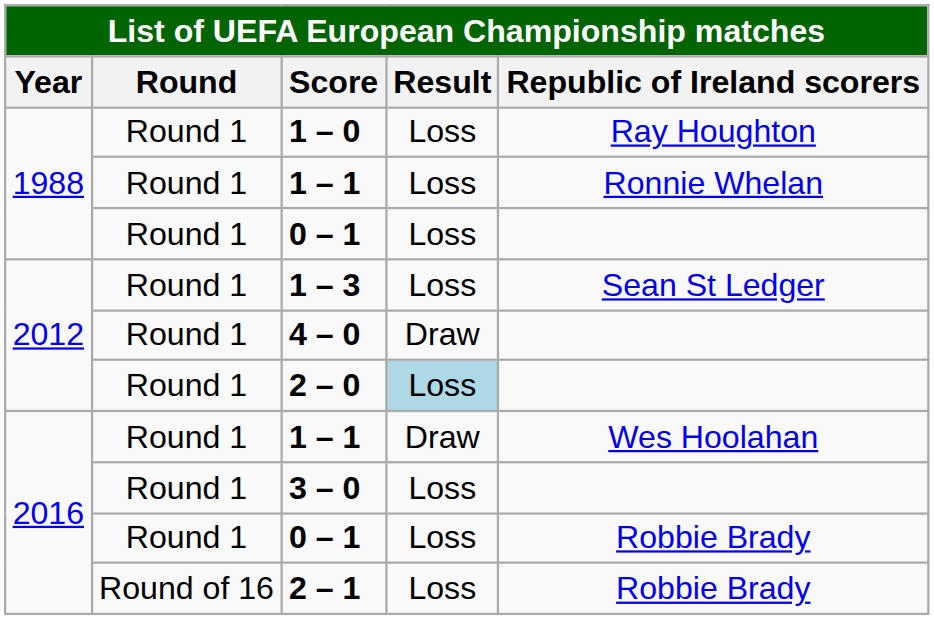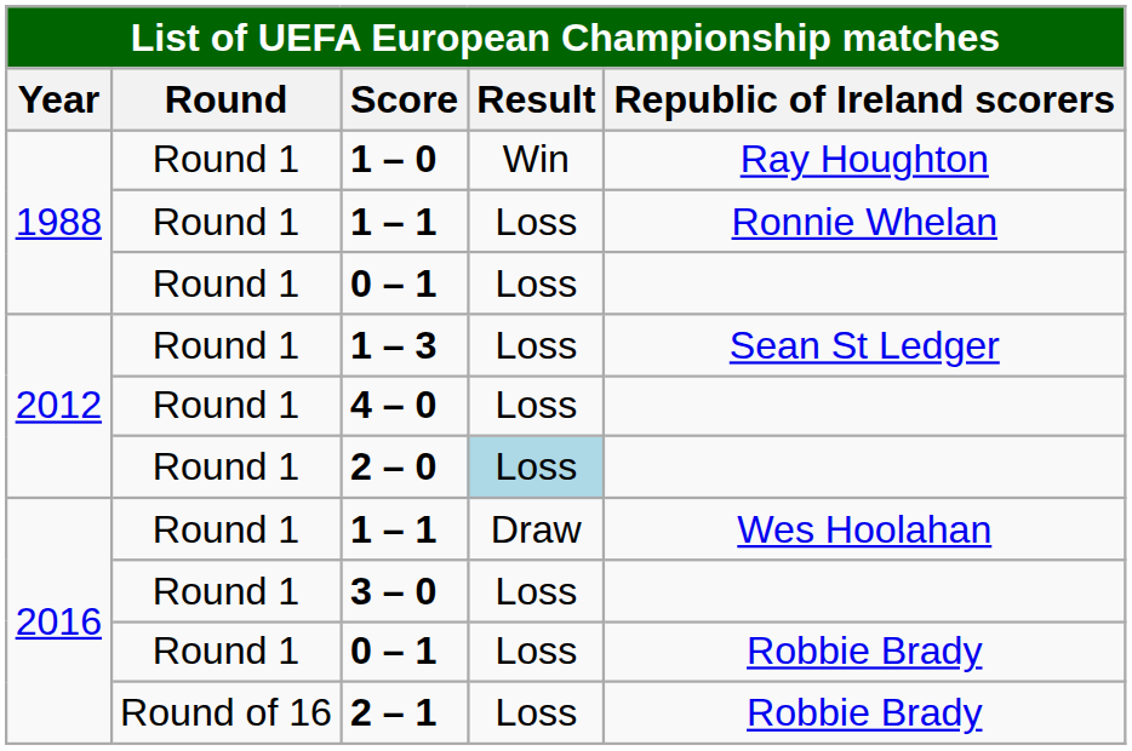 <table class="wikitable collapsible collapsed" style="text-align: center;font-size:90%;">
 <tr>
 <th colspan=5 style="background:#006400;color:#FFFFFF;">List of UEFA European Championship matches</th>
 </tr>
 <tr>
 <th>Year</th>
 <th>Round</th>
 <th>Score</th>
 <th>Result</th>
 <th>Republic of Ireland scorers</th>
 </tr>
 <tr>
 <td rowspan=3><a href='#'>1988</a></td>
 <td>Round 1</td>
 <td style="text-align:left;"> <strong>1 – 0</strong> </td>
-<td>Loss</td>
+<td>Win</td>
 <td><a href='#'>Ray Houghton</a> </td>
 </tr>
 <tr>
 <td>Round 1</td>
 <td style="text-align:left;"> <strong>1 – 1</strong> </td>
 <td>Loss</td>
 <td><a href='#'>Ronnie Whelan</a> </td>
 </tr>
 <tr>
 <td>Round 1</td>
 <td style="text-align:left;"> <strong>0 – 1</strong> </td>
 <td>Loss</td>
 <td></td>
 </tr>
 <tr>
 <td rowspan=3><a href='#'>2012</a></td>
 <td>Round 1</td>
 <td style="text-align:left;"> <strong>1 – 3</strong> </td>
 <td>Loss</td>
 <td><a href='#'>Sean St Ledger</a> </td>
 </tr>
 <tr>
 <td>Round 1</td>
 <td style="text-align:left;"> <strong>4 – 0</strong> </td>
-<td>Draw</td>
+<td>Loss</td>
 <td></td>
 </tr>
 <tr>
 <td>Round 1</td>
 <td style="text-align:left;"> <strong>2 – 0</strong> </td>
 <td style="background: lightblue;">Loss</td>
 <td></td>
 </tr>
 <tr>
 <td rowspan=4><a href='#'>2016</a></td>
 <td>Round 1</td>
 <td style="text-align:left;"> <strong>1 – 1</strong> </td>
 <td>Draw</td>
 <td><a href='#'>Wes Hoolahan</a> </td>
 </tr>
 <tr>
 <td>Round 1</td>
 <td style="text-align:left;"> <strong>3 – 0</strong> </td>
 <td>Loss</td>
 <td></td>
 </tr>
 <tr>
 <td>Round 1</td>
 <td style="text-align:left;"> <strong>0 – 1</strong> </td>
 <td>Loss</td>
 <td><a href='#'>Robbie Brady</a> </td>
 </tr>
 <tr>
 <td>Round of 16</td>
 <td style="text-align:left;"> <strong>2 – 1</strong> </td>
 <td>Loss</td>
 <td><a href='#'>Robbie Brady</a> </td>
 </tr>
 </table>
